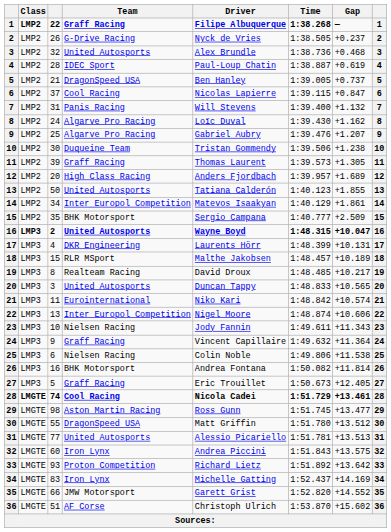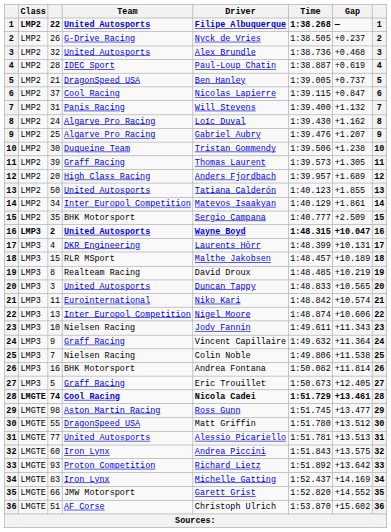 <table class="wikitable">
 <tr>
 <th></th>
 <th>Class</th>
 <th></th>
 <th>Team</th>
 <th>Driver</th>
 <th>Time</th>
 <th>Gap</th>
 <th></th>
 </tr>
 <tr style="font-weight:bold;">
 <th>1</th>
 <td>LMP2</td>
 <td>22</td>
-<td> <a href='#'>Graff Racing</a></td>
+<td> <a href='#'>United Autosports</a></td>
 <td> <a href='#'>Filipe Albuquerque</a></td>
 <td>1:38.268</td>
 <td>—</td>
 <th>1</th>
 </tr>
 <tr>
 <th>2</th>
 <td>LMP2</td>
 <td>26</td>
 <td> <a href='#'>G-Drive Racing</a></td>
 <td> <a href='#'>Nyck de Vries</a></td>
 <td>1:38.505</td>
 <td>+0.237</td>
 <th>2</th>
 </tr>
 <tr>
 <th>3</th>
 <td>LMP2</td>
 <td>32</td>
 <td> <a href='#'>United Autosports</a></td>
 <td> <a href='#'>Alex Brundle</a></td>
 <td>1:38.736</td>
 <td>+0.468</td>
 <th>3</th>
 </tr>
 <tr>
 <th>4</th>
 <td>LMP2</td>
 <td>28</td>
 <td> <a href='#'>IDEC Sport</a></td>
 <td> <a href='#'>Paul-Loup Chatin</a></td>
 <td>1:38.887</td>
 <td>+0.619</td>
 <th>4</th>
 </tr>
 <tr>
 <th>5</th>
 <td>LMP2</td>
 <td>21</td>
 <td> <a href='#'>DragonSpeed USA</a></td>
 <td> <a href='#'>Ben Hanley</a></td>
 <td>1:39.005</td>
 <td>+0.737</td>
 <th>5</th>
 </tr>
 <tr>
 <th>6</th>
 <td>LMP2</td>
 <td>37</td>
 <td> <a href='#'>Cool Racing</a></td>
 <td> <a href='#'>Nicolas Lapierre</a></td>
 <td>1:39.115</td>
 <td>+0.847</td>
 <th>6</th>
 </tr>
 <tr>
 <th>7</th>
 <td>LMP2</td>
 <td>31</td>
 <td> <a href='#'>Panis Racing</a></td>
 <td> <a href='#'>Will Stevens</a></td>
 <td>1:39.400</td>
 <td>+1.132</td>
 <th>7</th>
 </tr>
 <tr>
 <th>8</th>
 <td>LMP2</td>
 <td>24</td>
 <td> <a href='#'>Algarve Pro Racing</a></td>
 <td> <a href='#'>Loïc Duval</a></td>
 <td>1:39.430</td>
 <td>+1.162</td>
 <th>8</th>
 </tr>
 <tr>
 <th>9</th>
 <td>LMP2</td>
 <td>25</td>
 <td> <a href='#'>Algarve Pro Racing</a></td>
 <td> <a href='#'>Gabriel Aubry</a></td>
 <td>1:39.476</td>
 <td>+1.207</td>
 <th>9</th>
 </tr>
 <tr>
 <th>10</th>
 <td>LMP2</td>
 <td>30</td>
 <td> <a href='#'>Duqueine Team</a></td>
 <td> <a href='#'>Tristan Gommendy</a></td>
 <td>1:39.506</td>
 <td>+1.238</td>
 <th>10</th>
 </tr>
 <tr>
 <th>11</th>
 <td>LMP2</td>
 <td>39</td>
 <td> <a href='#'>Graff Racing</a></td>
 <td> <a href='#'>Thomas Laurent</a></td>
 <td>1:39.573</td>
 <td>+1.305</td>
 <th>11</th>
 </tr>
 <tr>
 <th>12</th>
 <td>LMP2</td>
 <td>20</td>
 <td> <a href='#'>High Class Racing</a></td>
 <td> <a href='#'>Anders Fjordbach</a></td>
 <td>1:39.957</td>
 <td>+1.689</td>
 <th>12</th>
 </tr>
 <tr>
 <th>13</th>
 <td>LMP2</td>
 <td>50</td>
 <td> <a href='#'>United Autosports</a></td>
 <td> <a href='#'>Tatiana Calderón</a></td>
 <td>1:40.123</td>
 <td>+1.855</td>
 <th>13</th>
 </tr>
 <tr>
 <th>14</th>
 <td>LMP2</td>
 <td>34</td>
 <td> <a href='#'>Inter Europol Competition</a></td>
 <td> <a href='#'>Matevos Isaakyan</a></td>
 <td>1:40.129</td>
 <td>+1.861</td>
 <th>14</th>
 </tr>
 <tr>
 <th>15</th>
 <td>LMP2</td>
 <td>35</td>
 <td> BHK Motorsport</td>
 <td> <a href='#'>Sergio Campana</a></td>
 <td>1:40.777</td>
 <td>+2.509</td>
 <th>15</th>
 </tr>
 <tr style="font-weight:bold;">
 <th>16</th>
 <td>LMP3</td>
 <td>2</td>
 <td> <a href='#'>United Autosports</a></td>
 <td> <a href='#'>Wayne Boyd</a></td>
 <td>1:48.315</td>
 <td>+10.047</td>
 <th>16</th>
 </tr>
 <tr>
 <th>17</th>
 <td>LMP3</td>
 <td>4</td>
 <td> <a href='#'>DKR Engineering</a></td>
 <td> <a href='#'>Laurents Hörr</a></td>
 <td>1:48.399</td>
 <td>+10.131</td>
 <th>17</th>
 </tr>
 <tr>
 <th>18</th>
 <td>LMP3</td>
 <td>15</td>
 <td> RLR MSport</td>
 <td> <a href='#'>Malthe Jakobsen</a></td>
 <td>1:48.457</td>
 <td>+10.189</td>
 <th>18</th>
 </tr>
 <tr>
 <th>19</th>
 <td>LMP3</td>
 <td>8</td>
 <td> Realteam Racing</td>
 <td> David Droux</td>
 <td>1:48.485</td>
-<td>+10.217</td>
+<td>+10.219</td>
 <th>19</th>
 </tr>
 <tr>
 <th>20</th>
 <td>LMP3</td>
 <td>3</td>
 <td> <a href='#'>United Autosports</a></td>
 <td> <a href='#'>Duncan Tappy</a></td>
 <td>1:48.833</td>
 <td>+10.565</td>
 <th>20</th>
 </tr>
 <tr>
 <th>21</th>
 <td>LMP3</td>
 <td>11</td>
 <td> <a href='#'>Eurointernational</a></td>
 <td> <a href='#'>Niko Kari</a></td>
 <td>1:48.842</td>
 <td>+10.574</td>
 <th>21</th>
 </tr>
 <tr>
 <th>22</th>
 <td>LMP3</td>
 <td>13</td>
 <td> <a href='#'>Inter Europol Competition</a></td>
 <td> <a href='#'>Nigel Moore</a></td>
 <td>1:48.874</td>
 <td>+10.606</td>
 <th>22</th>
 </tr>
 <tr>
 <th>23</th>
 <td>LMP3</td>
 <td>10</td>
 <td> Nielsen Racing</td>
 <td> <a href='#'>Jody Fannin</a></td>
 <td>1:49.611</td>
 <td>+11.343</td>
 <th>23</th>
 </tr>
 <tr>
 <th>24</th>
 <td>LMP3</td>
 <td>9</td>
 <td> <a href='#'>Graff Racing</a></td>
 <td> Vincent Capillaire</td>
 <td>1:49.632</td>
 <td>+11.364</td>
 <th>24</th>
 </tr>
 <tr>
 <th>25</th>
 <td>LMP3</td>
-<td>6</td>
+<td>7</td>
 <td> Nielsen Racing</td>
 <td> Colin Noble</td>
 <td>1:49.806</td>
 <td>+11.538</td>
 <th>25</th>
 </tr>
 <tr>
 <th>26</th>
 <td>LMP3</td>
 <td>16</td>
 <td> BHK Motorsport</td>
 <td> Andrea Fontana</td>
 <td>1:50.082</td>
 <td>+11.814</td>
 <th>26</th>
 </tr>
 <tr>
 <th>27</th>
 <td>LMP3</td>
 <td>5</td>
 <td> <a href='#'>Graff Racing</a></td>
 <td> Eric Trouillet</td>
 <td>1:50.673</td>
 <td>+12.405</td>
 <th>27</th>
 </tr>
 <tr style="font-weight:bold;">
 <th>28</th>
 <td>LMGTE</td>
 <td>74</td>
 <td> <a href='#'>Cool Racing</a></td>
 <td> Nicola Cadei</td>
 <td>1:51.729</td>
 <td>+13.461</td>
 <th>28</th>
 </tr>
 <tr>
 <th>29</th>
 <td>LMGTE</td>
 <td>98</td>
 <td> <a href='#'>Aston Martin Racing</a></td>
 <td> <a href='#'>Ross Gunn</a></td>
 <td>1:51.745</td>
 <td>+13.477</td>
 <th>29</th>
 </tr>
 <tr>
 <th>30</th>
 <td>LMGTE</td>
 <td>55</td>
 <td> <a href='#'>DragonSpeed USA</a></td>
 <td> Matt Griffin</td>
 <td>1:51.780</td>
 <td>+13.512</td>
 <th>30</th>
 </tr>
 <tr>
 <th>31</th>
 <td>LMGTE</td>
 <td>77</td>
 <td> <a href='#'>United Autosports</a></td>
 <td> <a href='#'>Alessio Picariello</a></td>
 <td>1:51.781</td>
 <td>+13.513</td>
 <th>31</th>
 </tr>
 <tr>
 <th>32</th>
 <td>LMGTE</td>
 <td>60</td>
 <td> <a href='#'>Iron Lynx</a></td>
 <td> <a href='#'>Andrea Piccini</a></td>
 <td>1:51.843</td>
 <td>+13.575</td>
 <th>32</th>
 </tr>
 <tr>
 <th>33</th>
 <td>LMGTE</td>
 <td>93</td>
 <td> <a href='#'>Proton Competition</a></td>
 <td> <a href='#'>Richard Lietz</a></td>
 <td>1:51.892</td>
 <td>+13.642</td>
 <th>33</th>
 </tr>
 <tr>
 <th>34</th>
 <td>LMGTE</td>
 <td>83</td>
 <td> <a href='#'>Iron Lynx</a></td>
 <td> <a href='#'>Michelle Gatting</a></td>
 <td>1:52.437</td>
 <td>+14.169</td>
 <th>34</th>
 </tr>
 <tr>
 <th>35</th>
 <td>LMGTE</td>
 <td>66</td>
 <td> JMW Motorsport</td>
 <td> <a href='#'>Garett Grist</a></td>
 <td>1:52.820</td>
 <td>+14.552</td>
 <th>35</th>
 </tr>
 <tr>
 <th>36</th>
 <td>LMGTE</td>
 <td>51</td>
 <td> <a href='#'>AF Corse</a></td>
 <td> Christoph Ulrich</td>
 <td>1:53.870</td>
 <td>+15.602</td>
 <th>36</th>
 </tr>
 <tr>
 <th colspan="8">Sources:</th>
 </tr>
 </table>
